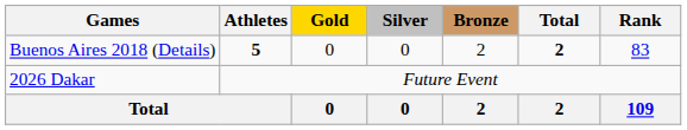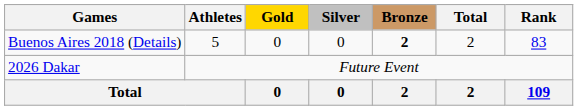 <table class="wikitable" style="text-align:center; font-size:90%;">
 <tr>
 <th>Games</th>
 <th>Athletes</th>
 <td style="background:gold; width:3.7em; font-weight:bold;">Gold</td>
 <td style="background:silver; width:3.7em; font-weight:bold;">Silver</td>
 <td style="background:#cc9966; width:3.7em; font-weight:bold;">Bronze</td>
 <th style="width:4em; font-weight:bold;">Total</th>
 <th style="width:4em; font-weight:bold;">Rank</th>
 </tr>
 <tr>
 <td align=left> <a href='#'>Buenos Aires 2018</a> (<a href='#'>Details</a>)</td>
-<td><strong>5</strong></td>
+<td>5</td>
 <td>0</td>
 <td>0</td>
+<td><strong>2</strong></td>
 <td>2</td>
-<td><strong>2</strong></td>
 <td><a href='#'>83</a></td>
 </tr>
 <tr>
 <td align=left> <a href='#'>2026 Dakar</a></td>
 <td colspan=6><em>Future Event</em></td>
 </tr>
 <tr>
 <th colspan=2>Total</th>
 <th>0</th>
 <th>0</th>
 <th>2</th>
 <th>2</th>
 <th><a href='#'>109</a></th>
 </tr>
 </table>
